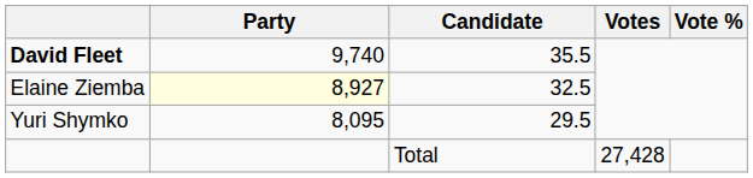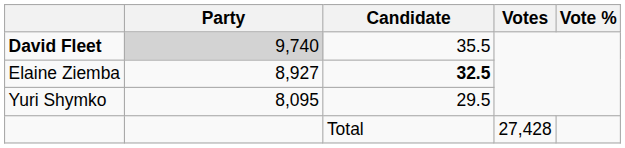 <table class="wikitable">
 <tr>
 <th></th>
 <th scope="col" width="175">Party</th>
 <th scope="col" width="150">Candidate</th>
 <th>Votes</th>
 <th>Vote %</th>
 </tr>
 <tr>
 <td><strong>David Fleet</strong></td>
-<td align=right>9,740</td>
+<td align=right style="background: lightgrey;">9,740</td>
 <td align=right>35.5</td>
 </tr>
 <tr |>
 <td>Elaine Ziemba</td>
-<td align=right style="background: lightyellow;">8,927</td>
-<td align=right>32.5</td>
+<td align=right>8,927</td>
+<td align=right><strong>32.5</strong></td>
 </tr>
 <tr |>
 <td>Yuri Shymko</td>
 <td align=right>8,095</td>
 <td align=right>29.5<br></td>
 </tr>
 <tr |>
 <td></td>
 <td></td>
 <td>Total</td>
 <td align=right>27,428</td>
 <td></td>
 </tr>
 </table>
